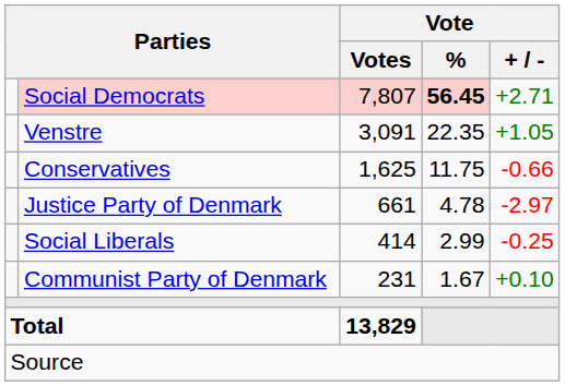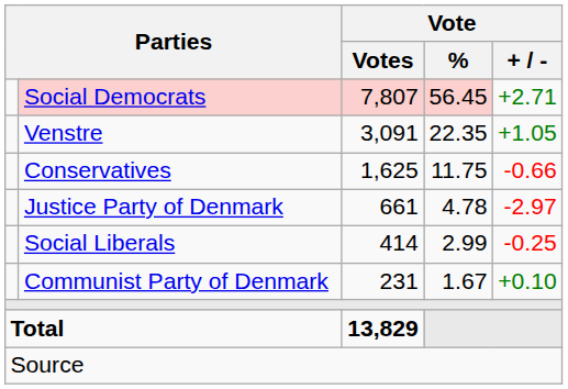 <table class="wikitable" style="text-align:right;">
 <tr>
 <th style="text-align:centre;" rowspan="2" colspan="2" width="225">Parties</th>
 <th colspan="3">Vote</th>
 </tr>
 <tr>
 <th width="15">Votes</th>
 <th width="15">%</th>
 <th width="15">+ / -</th>
 </tr>
 <tr>
 <td width="2" style="color:inherit;background:"></td>
 <td bgcolor=#fbd0ce  align="left"><a href='#'>Social Democrats</a></td>
 <td bgcolor=#fbd0ce>7,807</td>
-<td bgcolor=#fbd0ce><strong>56.45</strong></td>
+<td bgcolor=#fbd0ce>56.45</td>
 <td style=color:green;>+2.71</td>
 </tr>
 <tr>
 <td width="2" style="color:inherit;background:"></td>
 <td align="left"><a href='#'>Venstre</a></td>
 <td>3,091</td>
 <td>22.35</td>
 <td style=color:green;>+1.05</td>
 </tr>
 <tr>
 <td width="2" style="color:inherit;background:"></td>
 <td align="left"><a href='#'>Conservatives</a></td>
 <td>1,625</td>
 <td>11.75</td>
 <td style=color:red;>-0.66</td>
 </tr>
 <tr>
 <td width="2" style="color:inherit;background:"></td>
 <td align="left"><a href='#'>Justice Party of Denmark</a></td>
 <td>661</td>
 <td>4.78</td>
 <td style=color:red;>-2.97</td>
 </tr>
 <tr>
 <td width="2" style="color:inherit;background:"></td>
 <td align="left"><a href='#'>Social Liberals</a></td>
 <td>414</td>
 <td>2.99</td>
 <td style=color:red;>-0.25</td>
 </tr>
 <tr>
 <td width="2" style="color:inherit;background:"></td>
 <td align="left"><a href='#'>Communist Party of Denmark</a></td>
 <td>231</td>
 <td>1.67</td>
 <td style=color:green;>+0.10</td>
 </tr>
 <tr>
 <td colspan="7" bgcolor="#E9E9E9"></td>
 </tr>
 <tr>
 <td align="left" colspan="2"><strong>Total</strong></td>
 <td><strong>13,829</strong></td>
 <td bgcolor="#E9E9E9" colspan="2"></td>
 </tr>
 <tr>
 <td align="left" colspan="6">Source</td>
 </tr>
 </table>
